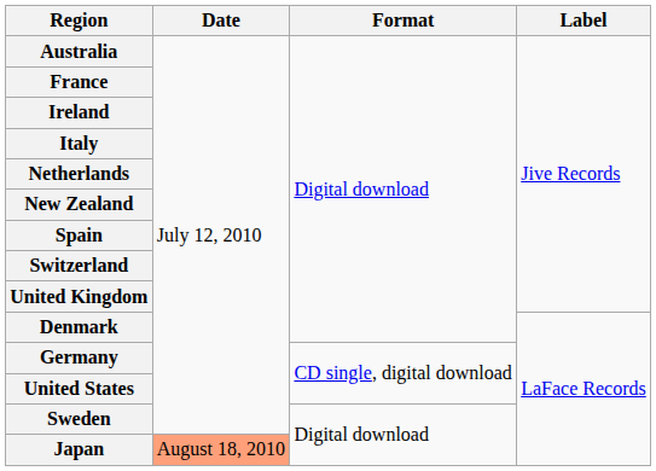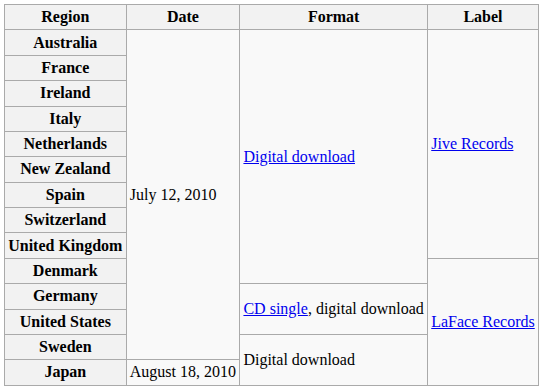 <table class="wikitable plainrowheaders">
 <tr>
 <th scope="col">Region</th>
 <th scope="col">Date</th>
 <th scope="col">Format</th>
 <th scope="col">Label</th>
 </tr>
 <tr>
 <th scope="row">Australia</th>
 <td rowspan="13">July 12, 2010</td>
 <td rowspan="10"><a href='#'>Digital download</a></td>
 <td rowspan="9"><a href='#'>Jive Records</a></td>
 </tr>
 <tr>
 <th scope="row">France</th>
 </tr>
 <tr>
 <th scope="row">Ireland</th>
 </tr>
 <tr>
 <th scope="row">Italy</th>
 </tr>
 <tr>
 <th scope="row">Netherlands</th>
 </tr>
 <tr>
 <th scope="row">New Zealand</th>
 </tr>
 <tr>
 <th scope="row">Spain</th>
 </tr>
 <tr>
 <th scope="row">Switzerland</th>
 </tr>
 <tr>
 <th scope="row">United Kingdom</th>
 </tr>
 <tr>
 <th scope="row">Denmark</th>
 <td rowspan="5"><a href='#'>LaFace Records</a></td>
 </tr>
 <tr>
 <th scope="row">Germany</th>
 <td rowspan="2"><a href='#'>CD single</a>, digital download</td>
 </tr>
 <tr>
 <th scope="row">United States</th>
 </tr>
 <tr>
 <th scope="row">Sweden</th>
 <td rowspan="2">Digital download</td>
 </tr>
 <tr>
 <th scope="row">Japan</th>
-<td style="background: lightsalmon;">August 18, 2010</td>
+<td>August 18, 2010</td>
 </tr>
 </table>
